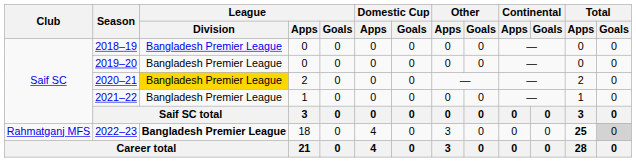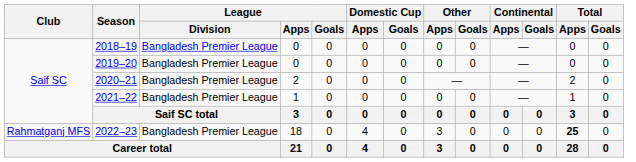 <table class="wikitable" style="text-align:center">
 <tr>
 <th rowspan="2">Club</th>
 <th rowspan="2">Season</th>
 <th colspan="3">League</th>
 <th colspan="2">Domestic Cup</th>
 <th colspan="2">Other</th>
 <th colspan="2">Continental</th>
 <th colspan="2">Total</th>
 </tr>
 <tr>
 <th>Division</th>
 <th>Apps</th>
 <th>Goals</th>
 <th>Apps</th>
 <th>Goals</th>
 <th>Apps</th>
 <th>Goals</th>
 <th>Apps</th>
 <th>Goals</th>
 <th>Apps</th>
 <th>Goals</th>
 </tr>
 <tr>
 <td rowspan=5><a href='#'>Saif SC</a></td>
 <td><a href='#'>2018–19</a></td>
 <td><a href='#'>Bangladesh Premier League</a></td>
 <td>0</td>
 <td>0</td>
 <td>0</td>
 <td>0</td>
 <td>0</td>
 <td>0</td>
 <td colspan="2">—</td>
 <td>0</td>
 <td>0</td>
 </tr>
 <tr>
 <td><a href='#'>2019–20</a></td>
 <td>Bangladesh Premier League</td>
 <td>0</td>
 <td>0</td>
 <td>0</td>
 <td>0</td>
 <td>0</td>
 <td>0</td>
 <td colspan="2">—</td>
 <td>0</td>
 <td>0</td>
 </tr>
 <tr>
 <td><a href='#'>2020–21</a></td>
-<td style="background: gold;">Bangladesh Premier League</td>
+<td>Bangladesh Premier League</td>
 <td>2</td>
 <td>0</td>
 <td>0</td>
 <td>0</td>
 <td colspan="2">—</td>
 <td colspan="2">—</td>
 <td>2</td>
 <td>0</td>
 </tr>
 <tr>
 <td><a href='#'>2021–22</a></td>
 <td>Bangladesh Premier League</td>
 <td>1</td>
 <td>0</td>
 <td>0</td>
 <td>0</td>
 <td>0</td>
 <td>0</td>
 <td colspan="2">—</td>
 <td>1</td>
 <td>0</td>
 </tr>
 <tr>
 <th colspan="2"><strong>Saif SC total</strong></th>
 <th>3</th>
 <th>0</th>
 <th>0</th>
 <th>0</th>
 <th>0</th>
 <th>0</th>
 <th>0</th>
 <th>0</th>
 <th>3</th>
 <th>0</th>
 </tr>
 <tr>
 <td><a href='#'>Rahmatganj MFS</a></td>
 <td><a href='#'>2022–23</a></td>
-<td><strong>Bangladesh Premier League</strong></td>
+<td>Bangladesh Premier League</td>
 <td>18</td>
 <td>0</td>
 <td>4</td>
 <td>0</td>
 <td>3</td>
 <td>0</td>
 <td>0</td>
 <td>0</td>
 <td><strong>25</strong></td>
-<td style="background: lightgrey;">0</td>
+<td>0</td>
 </tr>
 <tr>
 <th colspan="3">Career total</th>
 <th>21</th>
 <th>0</th>
 <th>4</th>
 <th>0</th>
 <th>3</th>
 <th>0</th>
 <th>0</th>
 <th>0</th>
 <th>28</th>
 <th>0</th>
 </tr>
 </table>
